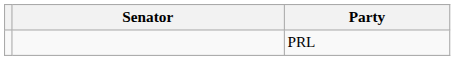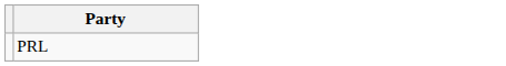 <table class="sortable wikitable" style="text-align:left; font-size:90%;">
 <tr>
 <th></th>
-<th width="250">Senator</th>
 <th width="150">Party</th>
 </tr>
 <tr>
 <td></td>
-<td></td>
 <td>PRL</td>
 </tr>
 </table>
